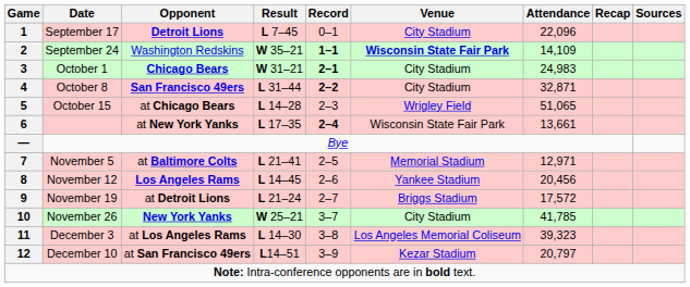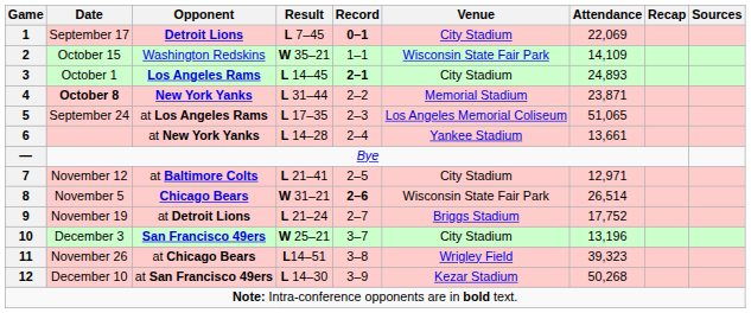 <table class="wikitable" style="text-align:center">
 <tr>
 <th>Game</th>
 <th>Date</th>
 <th>Opponent</th>
 <th>Result</th>
 <th>Record</th>
 <th>Venue</th>
 <th>Attendance</th>
 <th>Recap</th>
 <th>Sources</th>
 </tr>
 <tr style="background:#fcc">
 <th>1</th>
 <td>September 17</td>
 <td><strong><a href='#'>Detroit Lions</a></strong></td>
 <td><strong>L</strong> 7–45</td>
-<td>0–1</td>
+<td><strong>0–1</strong></td>
 <td><a href='#'>City Stadium</a></td>
-<td>22,096</td>
+<td>22,069</td>
 <td></td>
 <td></td>
 </tr>
 <tr style="background:#cfc">
 <th>2</th>
-<td>September 24</td>
+<td>October 15</td>
 <td><a href='#'>Washington Redskins</a></td>
 <td><strong>W</strong> 35–21</td>
-<td><strong>1–1</strong></td>
-<td><strong><a href='#'>Wisconsin State Fair Park</a></strong></td>
+<td>1–1</td>
+<td><a href='#'>Wisconsin State Fair Park</a></td>
 <td>14,109</td>
 <td></td>
 <td></td>
 </tr>
 <tr style="background:#cfc">
 <th>3</th>
 <td>October 1</td>
-<td><strong><a href='#'>Chicago Bears</a></strong></td>
-<td><strong>W</strong> 31–21</td>
+<td><strong><a href='#'>Los Angeles Rams</a></strong></td>
+<td><strong>L</strong> 14–45</td>
 <td><strong>2–1</strong></td>
 <td>City Stadium</td>
-<td>24,983</td>
+<td>24,893</td>
 <td></td>
 <td></td>
 </tr>
 <tr style="background:#fcc">
 <th>4</th>
-<td>October 8</td>
-<td><strong><a href='#'>San Francisco 49ers</a></strong></td>
+<td><strong>October 8</strong></td>
+<td><strong><a href='#'>New York Yanks</a></strong></td>
 <td><strong>L</strong> 31–44</td>
-<td><strong>2–2</strong></td>
-<td>City Stadium</td>
-<td>32,871</td>
+<td>2–2</td>
+<td><a href='#'>Memorial Stadium</a></td>
+<td>23,871</td>
 <td></td>
 <td></td>
 </tr>
 <tr style="background:#fcc">
 <th>5</th>
-<td>October 15</td>
-<td>at <strong>Chicago Bears</strong></td>
-<td><strong>L</strong> 14–28</td>
+<td>September 24</td>
+<td>at <strong>Los Angeles Rams</strong></td>
+<td><strong>L</strong> 17–35</td>
 <td>2–3</td>
-<td><a href='#'>Wrigley Field</a></td>
+<td><a href='#'>Los Angeles Memorial Coliseum</a></td>
 <td>51,065</td>
 <td></td>
 <td></td>
 </tr>
 <tr style="background:#fcc">
 <th>6</th>
 <td></td>
 <td>at <strong>New York Yanks</strong></td>
-<td><strong>L</strong> 17–35</td>
-<td><strong>2–4</strong></td>
-<td>Wisconsin State Fair Park</td>
+<td><strong>L</strong> 14–28</td>
+<td>2–4</td>
+<td><a href='#'>Yankee Stadium</a></td>
 <td>13,661</td>
 <td></td>
 <td></td>
 </tr>
 <tr>
 <th>—</th>
 <td colspan="7"><em><a href='#'>Bye</a></em></td>
 </tr>
 <tr style="background:#fcc">
 <th>7</th>
-<td>November 5</td>
+<td>November 12</td>
 <td>at <strong><a href='#'>Baltimore Colts</a></strong></td>
 <td><strong>L</strong> 21–41</td>
 <td>2–5</td>
-<td><a href='#'>Memorial Stadium</a></td>
+<td>City Stadium</td>
 <td>12,971</td>
 <td></td>
 <td></td>
 </tr>
 <tr style="background:#fcc">
 <th>8</th>
-<td>November 12</td>
-<td><strong><a href='#'>Los Angeles Rams</a></strong></td>
-<td><strong>L</strong> 14–45</td>
-<td>2–6</td>
-<td><a href='#'>Yankee Stadium</a></td>
-<td>20,456</td>
+<td>November 5</td>
+<td><strong><a href='#'>Chicago Bears</a></strong></td>
+<td><strong>W</strong> 31–21</td>
+<td><strong>2–6</strong></td>
+<td>Wisconsin State Fair Park</td>
+<td>26,514</td>
 <td></td>
 <td></td>
 </tr>
 <tr style="background:#fcc">
 <th>9</th>
 <td>November 19</td>
 <td>at <strong>Detroit Lions</strong></td>
 <td><strong>L</strong> 21–24</td>
 <td>2–7</td>
 <td><a href='#'>Briggs Stadium</a></td>
-<td>17,572</td>
+<td>17,752</td>
 <td></td>
 <td></td>
 </tr>
 <tr style="background:#cfc">
 <th>10</th>
-<td>November 26</td>
-<td><strong><a href='#'>New York Yanks</a></strong></td>
+<td>December 3</td>
+<td><strong><a href='#'>San Francisco 49ers</a></strong></td>
 <td><strong>W</strong> 25–21</td>
 <td>3–7</td>
 <td>City Stadium</td>
-<td>41,785</td>
+<td>13,196</td>
 <td></td>
 <td></td>
 </tr>
 <tr style="background:#fcc">
 <th>11</th>
-<td>December 3</td>
-<td>at <strong>Los Angeles Rams</strong></td>
-<td><strong>L</strong> 14–30</td>
+<td>November 26</td>
+<td>at <strong>Chicago Bears</strong></td>
+<td><strong>L</strong>14–51</td>
 <td>3–8</td>
-<td><a href='#'>Los Angeles Memorial Coliseum</a></td>
+<td><a href='#'>Wrigley Field</a></td>
 <td>39,323</td>
 <td></td>
 <td></td>
 </tr>
 <tr style="background:#fcc">
 <th>12</th>
 <td>December 10</td>
 <td>at <strong>San Francisco 49ers</strong></td>
-<td><strong>L</strong>14–51</td>
+<td><strong>L</strong> 14–30</td>
 <td>3–9</td>
 <td><a href='#'>Kezar Stadium</a></td>
-<td>20,797</td>
+<td>50,268</td>
 <td></td>
 <td></td>
 </tr>
 <tr>
 <td colspan="10"><strong>Note:</strong> Intra-conference opponents are in <strong>bold</strong> text.</td>
 </tr>
 </table>
